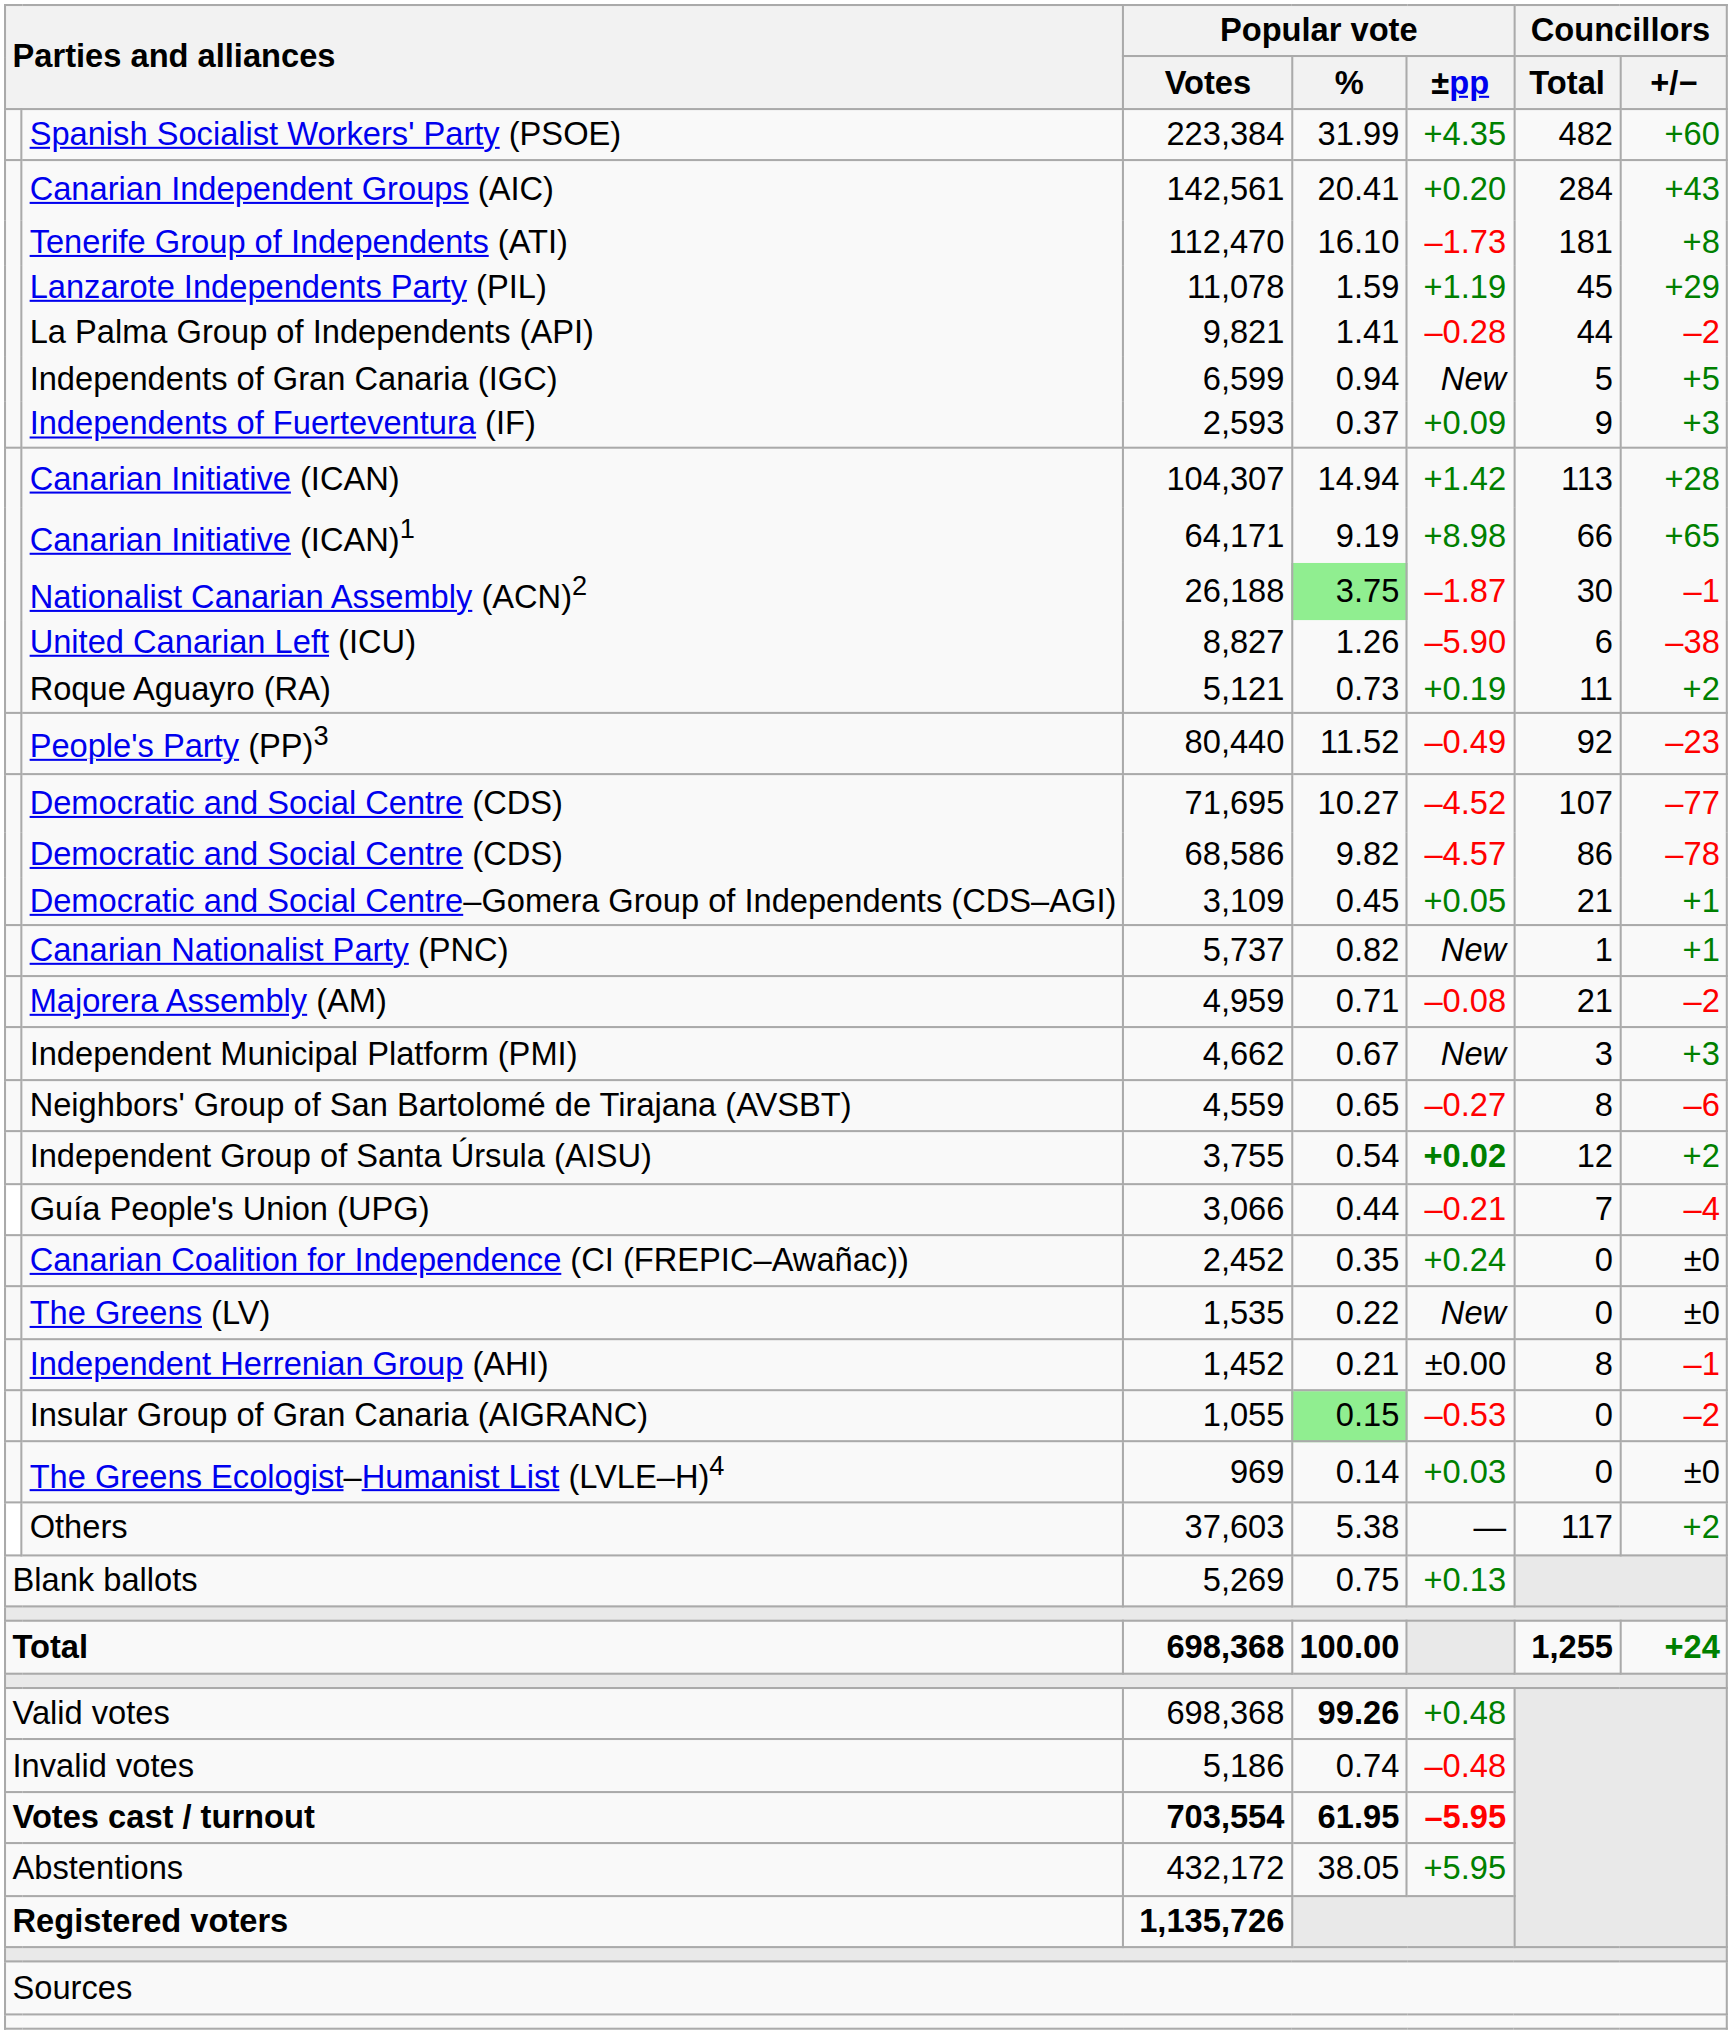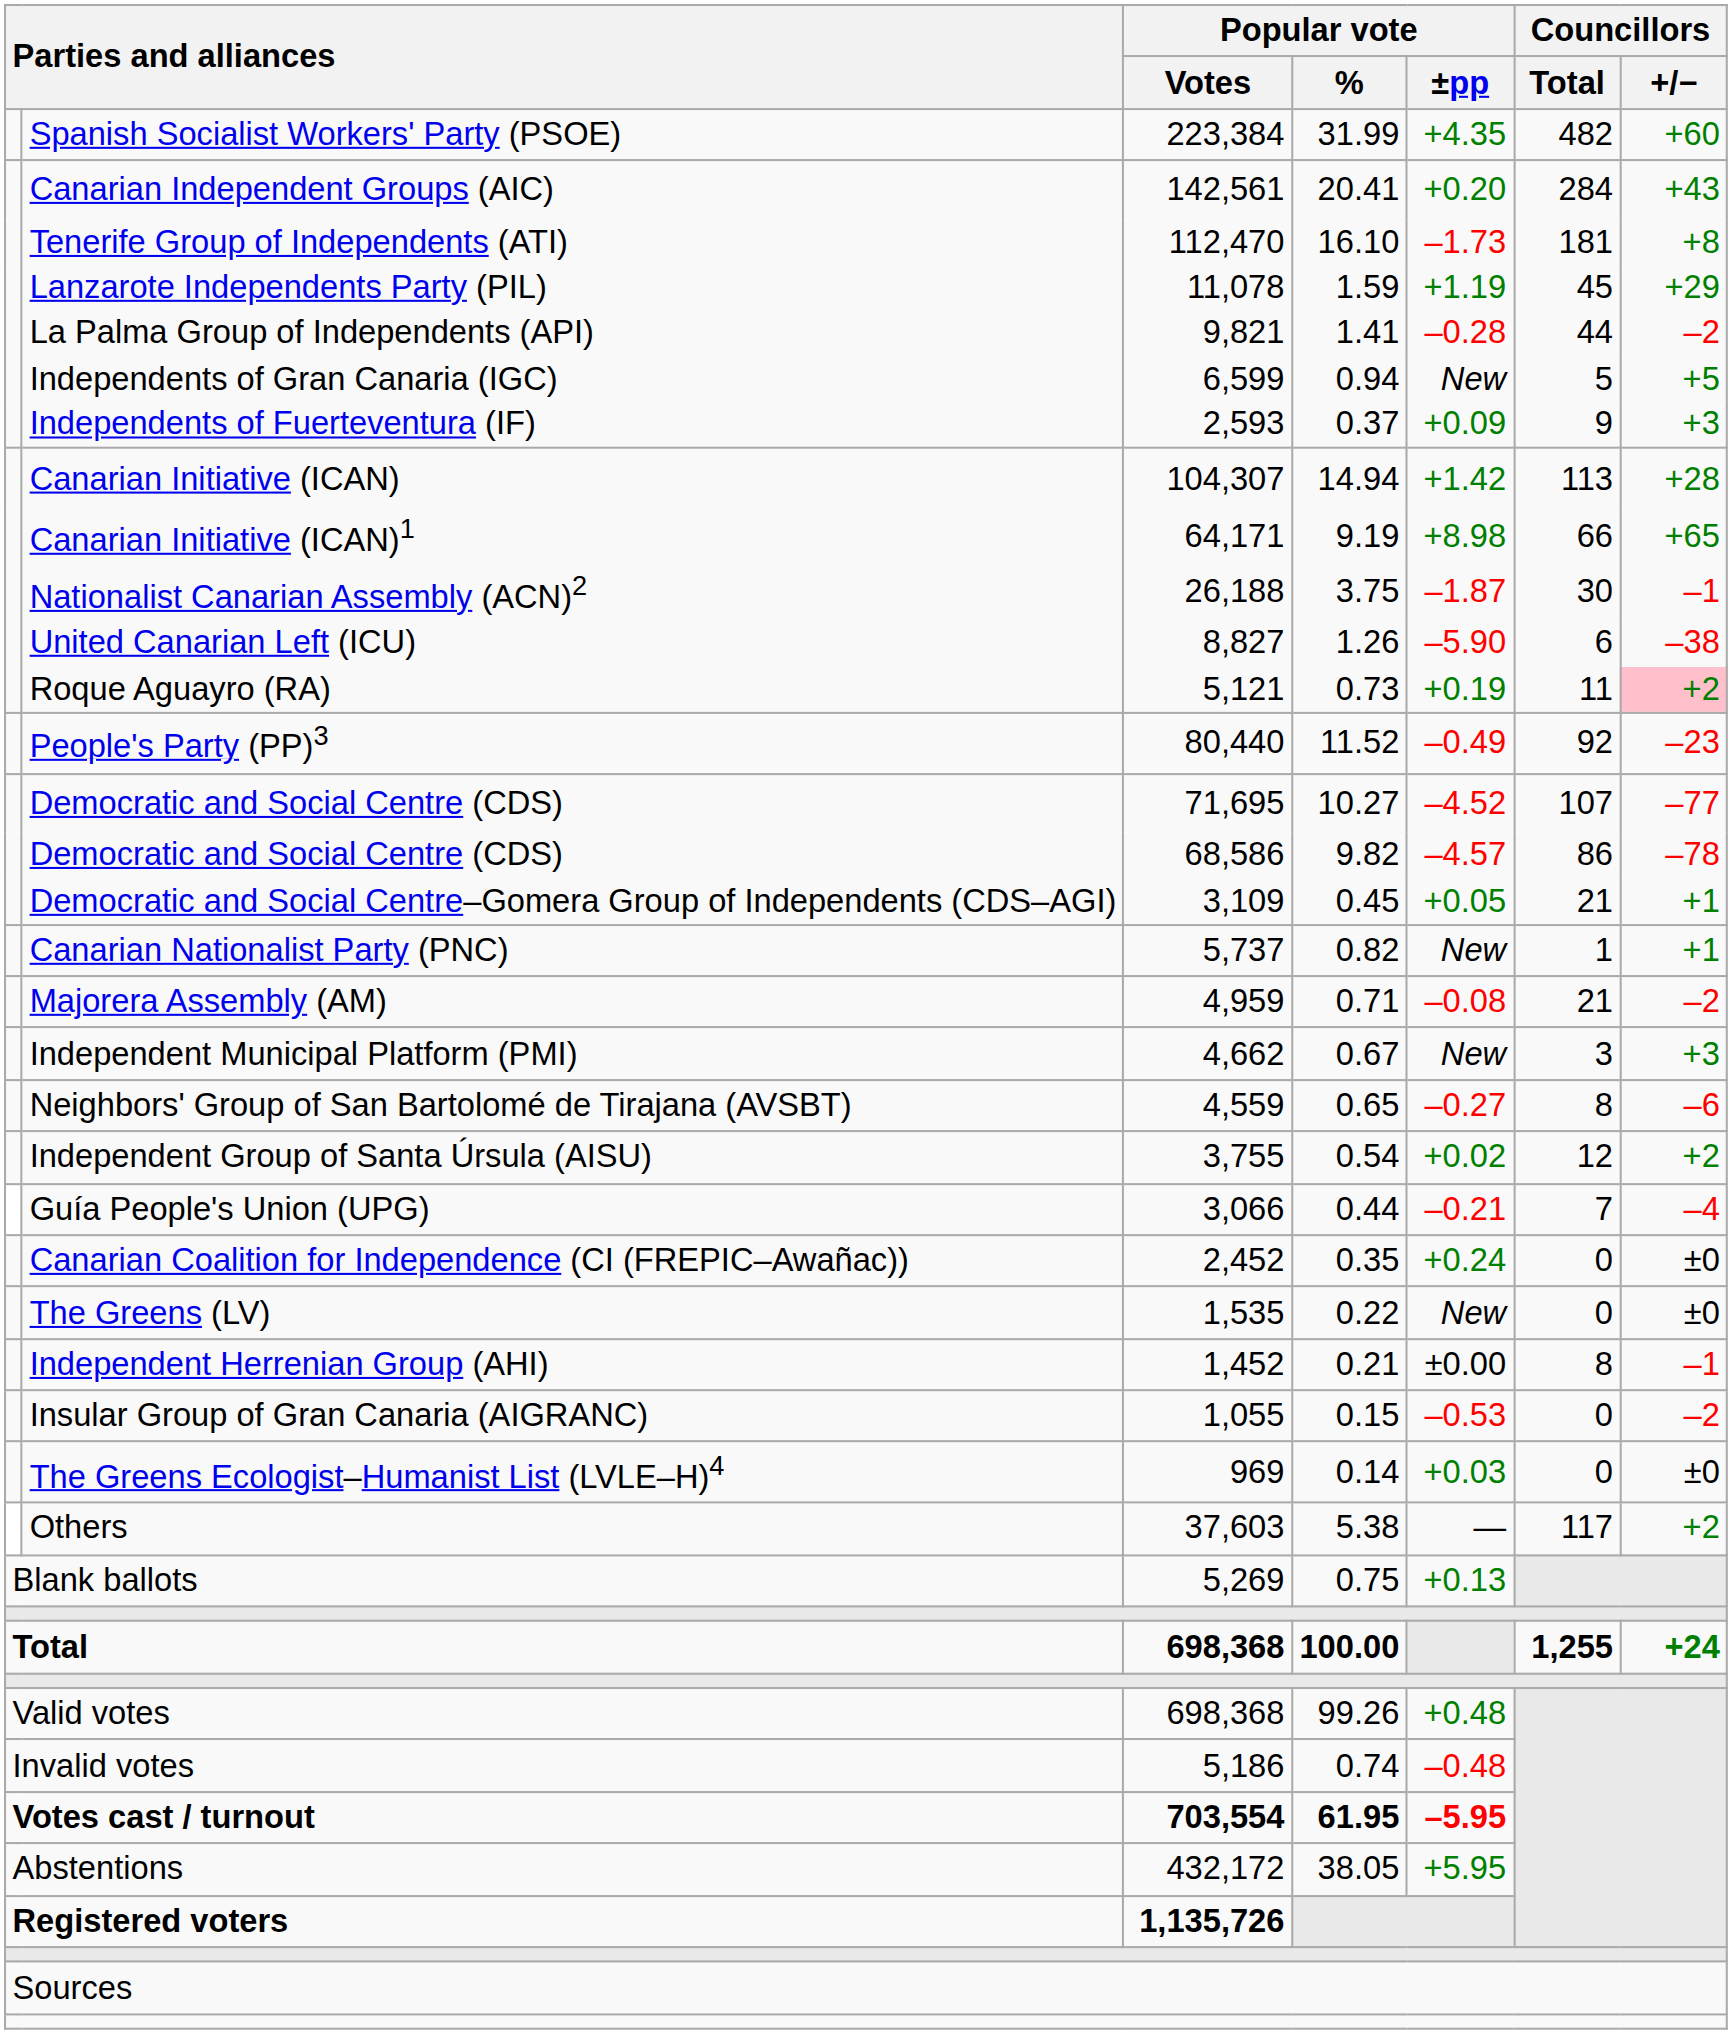 <table class="wikitable" style="text-align:right;">
 <tr>
 <th style="text-align:left;" rowspan="2" colspan="2" width="525">Parties and alliances</th>
 <th colspan="3">Popular vote</th>
 <th colspan="2">Councillors</th>
 </tr>
 <tr>
 <th width="75">Votes</th>
 <th width="45">%</th>
 <th width="45">±<a href='#'>pp</a></th>
 <th width="45">Total</th>
 <th width="45">+/−</th>
 </tr>
 <tr>
 <td width="1" style="color:inherit;background:"></td>
 <td align="left"><a href='#'>Spanish Socialist Workers' Party</a> (PSOE)</td>
 <td>223,384</td>
 <td>31.99</td>
 <td style="color:green;">+4.35</td>
 <td>482</td>
 <td style="color:green;">+60</td>
 </tr>
 <tr style="line-height:22px;">
 <td rowspan="6" style="color:inherit;background:"></td>
 <td align="left"><a href='#'>Canarian Independent Groups</a> (AIC)</td>
 <td>142,561</td>
 <td>20.41</td>
 <td style="color:green;">+0.20</td>
 <td>284</td>
 <td style="color:green;">+43</td>
 </tr>
 <tr style="border-bottom-style:hidden; border-top-style:hidden; line-height:16px;">
 <td align="left"><span><a href='#'>Tenerife Group of Independents</a> (ATI)</span></td>
 <td>112,470</td>
 <td>16.10</td>
 <td style="color:red;">–1.73</td>
 <td>181</td>
 <td style="color:green;">+8</td>
 </tr>
 <tr style="border-bottom-style:hidden; line-height:16px;">
 <td align="left"><span><a href='#'>Lanzarote Independents Party</a> (PIL)</span></td>
 <td>11,078</td>
 <td>1.59</td>
 <td style="color:green;">+1.19</td>
 <td>45</td>
 <td style="color:green;">+29</td>
 </tr>
 <tr style="border-bottom-style:hidden; line-height:16px;">
 <td align="left"><span>La Palma Group of Independents (API)</span></td>
 <td>9,821</td>
 <td>1.41</td>
 <td style="color:red;">–0.28</td>
 <td>44</td>
 <td style="color:red;">–2</td>
 </tr>
 <tr style="border-bottom-style:hidden; line-height:16px;">
 <td align="left"><span>Independents of Gran Canaria (IGC)</span></td>
 <td>6,599</td>
 <td>0.94</td>
 <td><em>New</em></td>
 <td>5</td>
 <td style="color:green;">+5</td>
 </tr>
 <tr style="line-height:16px;">
 <td align="left"><span><a href='#'>Independents of Fuerteventura</a> (IF)</span></td>
 <td>2,593</td>
 <td>0.37</td>
 <td style="color:green;">+0.09</td>
 <td>9</td>
 <td style="color:green;">+3</td>
 </tr>
 <tr style="line-height:22px;">
 <td rowspan="5" style="color:inherit;background:"></td>
 <td align="left"><a href='#'>Canarian Initiative</a> (ICAN)</td>
 <td>104,307</td>
 <td>14.94</td>
 <td style="color:green;">+1.42</td>
 <td>113</td>
 <td style="color:green;">+28</td>
 </tr>
 <tr style="border-bottom-style:hidden; border-top-style:hidden; line-height:16px;">
 <td align="left"><span><a href='#'>Canarian Initiative</a> (ICAN)<sup>1</sup></span></td>
 <td>64,171</td>
 <td>9.19</td>
 <td style="color:green;">+8.98</td>
 <td>66</td>
 <td style="color:green;">+65</td>
 </tr>
 <tr style="border-bottom-style:hidden; line-height:16px;">
 <td align="left"><span><a href='#'>Nationalist Canarian Assembly</a> (ACN)<sup>2</sup></span></td>
 <td>26,188</td>
-<td style="background: lightgreen;">3.75</td>
+<td>3.75</td>
 <td style="color:red;">–1.87</td>
 <td>30</td>
 <td style="color:red;">–1</td>
 </tr>
 <tr style="border-bottom-style:hidden; line-height:16px;">
 <td align="left"><span><a href='#'>United Canarian Left</a> (ICU)</span></td>
 <td>8,827</td>
 <td>1.26</td>
 <td style="color:red;">–5.90</td>
 <td>6</td>
 <td style="color:red;">–38</td>
 </tr>
 <tr style="line-height:16px;">
 <td align="left"><span>Roque Aguayro (RA)</span></td>
 <td>5,121</td>
 <td>0.73</td>
 <td style="color:green;">+0.19</td>
 <td>11</td>
-<td style="color:green;">+2</td>
+<td style="background: pink; color:green;">+2</td>
 </tr>
 <tr>
 <td style="color:inherit;background:"></td>
 <td align="left"><a href='#'>People's Party</a> (PP)<sup>3</sup></td>
 <td>80,440</td>
 <td>11.52</td>
 <td style="color:red;">–0.49</td>
 <td>92</td>
 <td style="color:red;">–23</td>
 </tr>
 <tr style="line-height:22px;">
 <td rowspan="3" style="color:inherit;background:"></td>
 <td align="left"><a href='#'>Democratic and Social Centre</a> (CDS)</td>
 <td>71,695</td>
 <td>10.27</td>
 <td style="color:red;">–4.52</td>
 <td>107</td>
 <td style="color:red;">–77</td>
 </tr>
 <tr style="border-bottom-style:hidden; border-top-style:hidden; line-height:16px;">
 <td align="left"><span><a href='#'>Democratic and Social Centre</a> (CDS)</span></td>
 <td>68,586</td>
 <td>9.82</td>
 <td style="color:red;">–4.57</td>
 <td>86</td>
 <td style="color:red;">–78</td>
 </tr>
 <tr style="line-height:16px;">
 <td align="left"><span><a href='#'>Democratic and Social Centre</a>–Gomera Group of Independents (CDS–AGI)</span></td>
 <td>3,109</td>
 <td>0.45</td>
 <td style="color:green;">+0.05</td>
 <td>21</td>
 <td style="color:green;">+1</td>
 </tr>
 <tr>
 <td style="color:inherit;background:"></td>
 <td align="left"><a href='#'>Canarian Nationalist Party</a> (PNC)</td>
 <td>5,737</td>
 <td>0.82</td>
 <td><em>New</em></td>
 <td>1</td>
 <td style="color:green;">+1</td>
 </tr>
 <tr>
 <td style="color:inherit;background:"></td>
 <td align="left"><a href='#'>Majorera Assembly</a> (AM)</td>
 <td>4,959</td>
 <td>0.71</td>
 <td style="color:red;">–0.08</td>
 <td>21</td>
 <td style="color:red;">–2</td>
 </tr>
 <tr>
 <td style="color:inherit;background:"></td>
 <td align="left">Independent Municipal Platform (PMI)</td>
 <td>4,662</td>
 <td>0.67</td>
 <td><em>New</em></td>
 <td>3</td>
 <td style="color:green;">+3</td>
 </tr>
 <tr>
 <td style="color:inherit;background:"></td>
 <td align="left">Neighbors' Group of San Bartolomé de Tirajana (AVSBT)</td>
 <td>4,559</td>
 <td>0.65</td>
 <td style="color:red;">–0.27</td>
 <td>8</td>
 <td style="color:red;">–6</td>
 </tr>
 <tr>
 <td style="color:inherit;background:"></td>
 <td align="left">Independent Group of Santa Úrsula (AISU)</td>
 <td>3,755</td>
 <td>0.54</td>
-<td style="color:green;"><strong>+0.02</strong></td>
+<td style="color:green;">+0.02</td>
 <td>12</td>
 <td style="color:green;">+2</td>
 </tr>
 <tr>
 <td bgcolor="white"></td>
 <td align="left">Guía People's Union (UPG)</td>
 <td>3,066</td>
 <td>0.44</td>
 <td style="color:red;">–0.21</td>
 <td>7</td>
 <td style="color:red;">–4</td>
 </tr>
 <tr>
 <td style="color:inherit;background:"></td>
 <td align="left"><a href='#'>Canarian Coalition for Independence</a> (CI (FREPIC–Awañac))</td>
 <td>2,452</td>
 <td>0.35</td>
 <td style="color:green;">+0.24</td>
 <td>0</td>
 <td>±0</td>
 </tr>
 <tr>
 <td style="color:inherit;background:"></td>
 <td align="left"><a href='#'>The Greens</a> (LV)</td>
 <td>1,535</td>
 <td>0.22</td>
 <td><em>New</em></td>
 <td>0</td>
 <td>±0</td>
 </tr>
 <tr>
 <td style="color:inherit;background:"></td>
 <td align="left"><a href='#'>Independent Herrenian Group</a> (AHI)</td>
 <td>1,452</td>
 <td>0.21</td>
 <td>±0.00</td>
 <td>8</td>
 <td style="color:red;">–1</td>
 </tr>
 <tr>
 <td style="color:inherit;background:"></td>
 <td align="left">Insular Group of Gran Canaria (AIGRANC)</td>
 <td>1,055</td>
-<td style="background: lightgreen;">0.15</td>
+<td>0.15</td>
 <td style="color:red;">–0.53</td>
 <td>0</td>
 <td style="color:red;">–2</td>
 </tr>
 <tr>
 <td style="color:inherit;background:"></td>
 <td align="left"><a href='#'>The Greens Ecologist</a>–<a href='#'>Humanist List</a> (LVLE–H)<sup>4</sup></td>
 <td>969</td>
 <td>0.14</td>
 <td style="color:green;">+0.03</td>
 <td>0</td>
 <td>±0</td>
 </tr>
 <tr>
 <td bgcolor="white"></td>
 <td align="left">Others</td>
 <td>37,603</td>
 <td>5.38</td>
 <td>—</td>
 <td>117</td>
 <td style="color:green;">+2</td>
 </tr>
 <tr>
 <td align="left" colspan="2">Blank ballots</td>
 <td>5,269</td>
 <td>0.75</td>
 <td style="color:green;">+0.13</td>
 <td bgcolor="#E9E9E9" colspan="2"></td>
 </tr>
 <tr>
 <td colspan="7" bgcolor="#E9E9E9"></td>
 </tr>
 <tr style="font-weight:bold;">
 <td align="left" colspan="2">Total</td>
 <td>698,368</td>
 <td>100.00</td>
 <td bgcolor="#E9E9E9"></td>
 <td>1,255</td>
 <td style="color:green;">+24</td>
 </tr>
 <tr>
 <td colspan="7" bgcolor="#E9E9E9"></td>
 </tr>
 <tr>
 <td align="left" colspan="2">Valid votes</td>
 <td>698,368</td>
-<td><strong>99.26</strong></td>
+<td>99.26</td>
 <td style="color:green;">+0.48</td>
 <td bgcolor="#E9E9E9" colspan="2" rowspan="5"></td>
 </tr>
 <tr>
 <td align="left" colspan="2">Invalid votes</td>
 <td>5,186</td>
 <td>0.74</td>
 <td style="color:red;">–0.48</td>
 </tr>
 <tr style="font-weight:bold;">
 <td align="left" colspan="2">Votes cast / turnout</td>
 <td>703,554</td>
 <td>61.95</td>
 <td style="color:red;">–5.95</td>
 </tr>
 <tr>
 <td align="left" colspan="2">Abstentions</td>
 <td>432,172</td>
 <td>38.05</td>
 <td style="color:green;">+5.95</td>
 </tr>
 <tr style="font-weight:bold;">
 <td align="left" colspan="2">Registered voters</td>
 <td>1,135,726</td>
 <td bgcolor="#E9E9E9" colspan="2"></td>
 </tr>
 <tr>
 <td colspan="7" bgcolor="#E9E9E9"></td>
 </tr>
 <tr>
 <td align="left" colspan="7">Sources</td>
 </tr>
 <tr>
 <td colspan="7" style="text-align:left; max-width:790px;"></td>
 </tr>
 </table>
